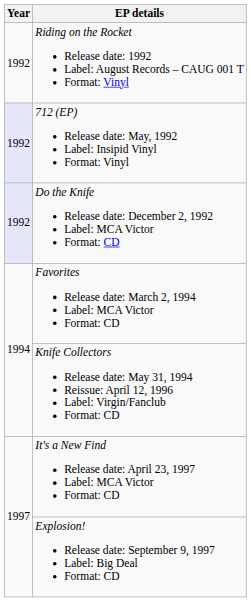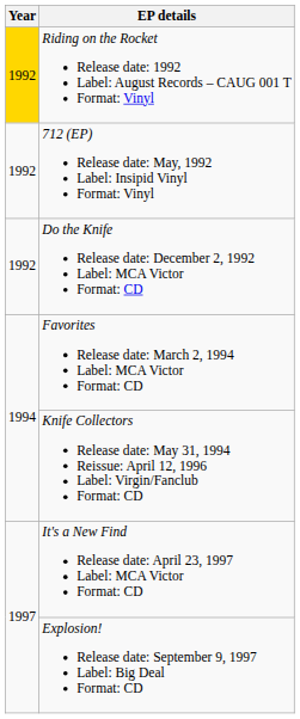 <table class="wikitable">
 <tr>
 <th scope="col">Year</th>
 <th scope="col">EP details</th>
 </tr>
 <tr>
-<td>1992</td>
+<td style="background: gold;">1992</td>
 <td><em>Riding on the Rocket</em><br><ul><li>Release date: 1992</li><li>Label: August Records – CAUG 001 T</li><li>Format: <a href='#'>Vinyl</a></li></ul></td>
 </tr>
 <tr>
-<td style="background: lavender;">1992</td>
+<td>1992</td>
 <td><em>712 (EP)</em><br><ul><li>Release date: May, 1992</li><li>Label: Insipid Vinyl</li><li>Format: Vinyl</li></ul></td>
 </tr>
 <tr>
-<td style="background: lavender;">1992</td>
+<td>1992</td>
 <td><em>Do the Knife</em><br><ul><li>Release date: December 2, 1992</li><li>Label: MCA Victor</li><li>Format: <a href='#'>CD</a></li></ul></td>
 </tr>
 <tr>
 <td rowspan="2">1994</td>
 <td><em>Favorites</em><br><ul><li>Release date: March 2, 1994</li><li>Label: MCA Victor</li><li>Format: CD</li></ul></td>
 </tr>
 <tr>
 <td><em>Knife Collectors</em><br><ul><li>Release date: May 31, 1994</li><li>Reissue: April 12, 1996</li><li>Label: Virgin/Fanclub</li><li>Format: CD</li></ul></td>
 </tr>
 <tr>
 <td rowspan="2">1997</td>
 <td><em>It's a New Find</em><br><ul><li>Release date: April 23, 1997</li><li>Label: MCA Victor</li><li>Format: CD</li></ul></td>
 </tr>
 <tr>
 <td><em>Explosion!</em><br><ul><li>Release date: September 9, 1997</li><li>Label: Big Deal</li><li>Format: CD</li></ul></td>
 </tr>
 </table>
